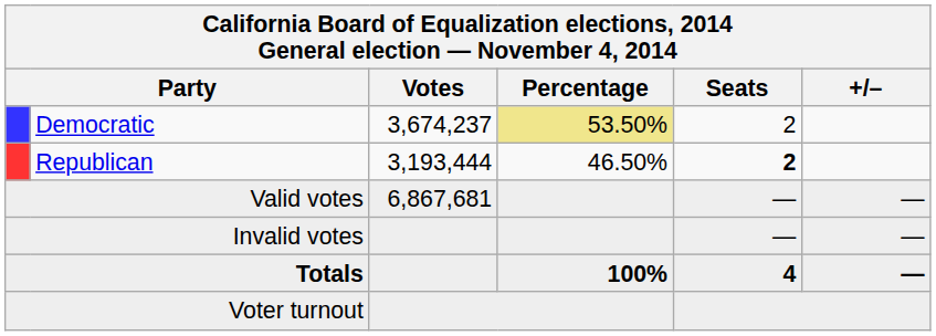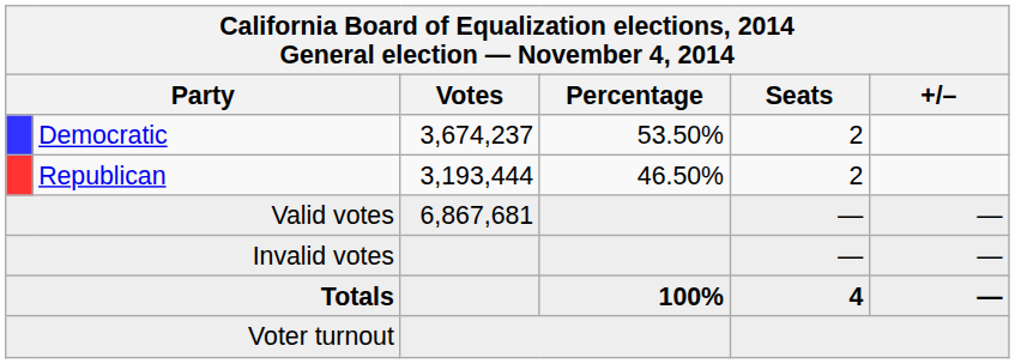 <table class="wikitable" style="font-size:95%;">
 <tr>
 <th colspan="7">California Board of Equalization elections, 2014<br>General election — November 4, 2014</th>
 </tr>
 <tr>
 <th colspan=2 style="width: 15em">Party</th>
 <th style="width: 5em">Votes</th>
 <th style="width: 7em">Percentage</th>
 <th style="width: 5em">Seats</th>
 <th style="width: 5em">+/–</th>
 </tr>
 <tr>
 <th style="background-color:#3333FF; width: 3px"></th>
 <td style="width: 130px"><a href='#'>Democratic</a></td>
 <td align="right">3,674,237</td>
-<td align="right" style="background: khaki;">53.50%</td>
+<td align="right">53.50%</td>
 <td align="right">2</td>
 <td align="right"></td>
 </tr>
 <tr>
 <th style="background-color:#FF3333; width: 3px"></th>
 <td style="width: 130px"><a href='#'>Republican</a></td>
 <td align="right">3,193,444</td>
 <td align="right">46.50%</td>
-<td align="right"><strong>2</strong></td>
+<td align="right">2</td>
 <td align="right"></td>
 </tr>
 <tr bgcolor="#EEEEEE">
 <td colspan="2" align="right">Valid votes</td>
 <td align="right">6,867,681</td>
 <td align="right"></td>
 <td align="right">—</td>
 <td align="right">—</td>
 </tr>
 <tr bgcolor="#EEEEEE">
 <td colspan="2" align="right">Invalid votes</td>
 <td align="right"></td>
 <td align="right"></td>
 <td align="right">—</td>
 <td align="right">—</td>
 </tr>
 <tr bgcolor="#EEEEEE">
 <td colspan="2" align="right"><strong>Totals</strong></td>
 <td align="right"></td>
 <td align="right"><strong>100%</strong></td>
 <td align="right"><strong>4</strong></td>
 <td align="right"><strong>—</strong></td>
 </tr>
 <tr bgcolor="#EEEEEE">
 <td colspan="2" align="right">Voter turnout</td>
 <td colspan="2" align="right"></td>
 <td colspan="2" align="right"></td>
 </tr>
 </table>
